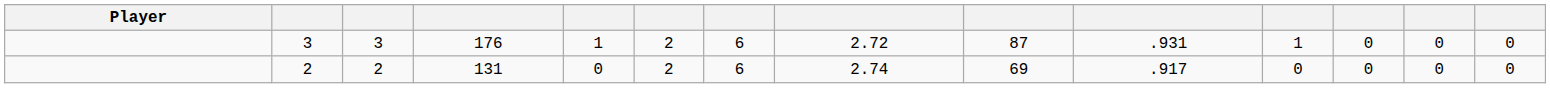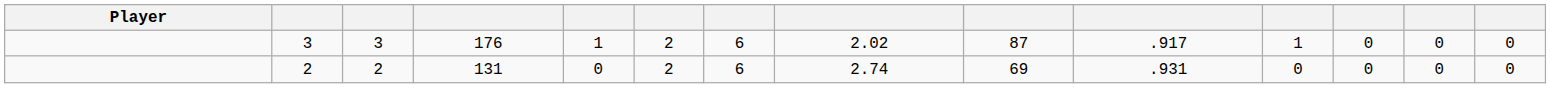 <table class="wikitable sortable" style="width:100%;">
 <tr style="text-align:center; background:#ddd;">
 <th>Player</th>
 <th></th>
 <th></th>
 <th></th>
 <th></th>
 <th></th>
 <th></th>
 <th></th>
 <th></th>
 <th></th>
 <th></th>
 <th></th>
 <th></th>
 <th></th>
 </tr>
 <tr align=center>
 <td></td>
 <td>3</td>
 <td>3</td>
 <td>176</td>
 <td>1</td>
 <td>2</td>
 <td>6</td>
-<td>2.72</td>
+<td>2.02</td>
 <td>87</td>
-<td>.931</td>
+<td>.917</td>
 <td>1</td>
 <td>0</td>
 <td>0</td>
 <td>0</td>
 </tr>
 <tr align=center>
 <td></td>
 <td>2</td>
 <td>2</td>
 <td>131</td>
 <td>0</td>
 <td>2</td>
 <td>6</td>
 <td>2.74</td>
 <td>69</td>
-<td>.917</td>
+<td>.931</td>
 <td>0</td>
 <td>0</td>
 <td>0</td>
 <td>0</td>
 </tr>
 </table>
